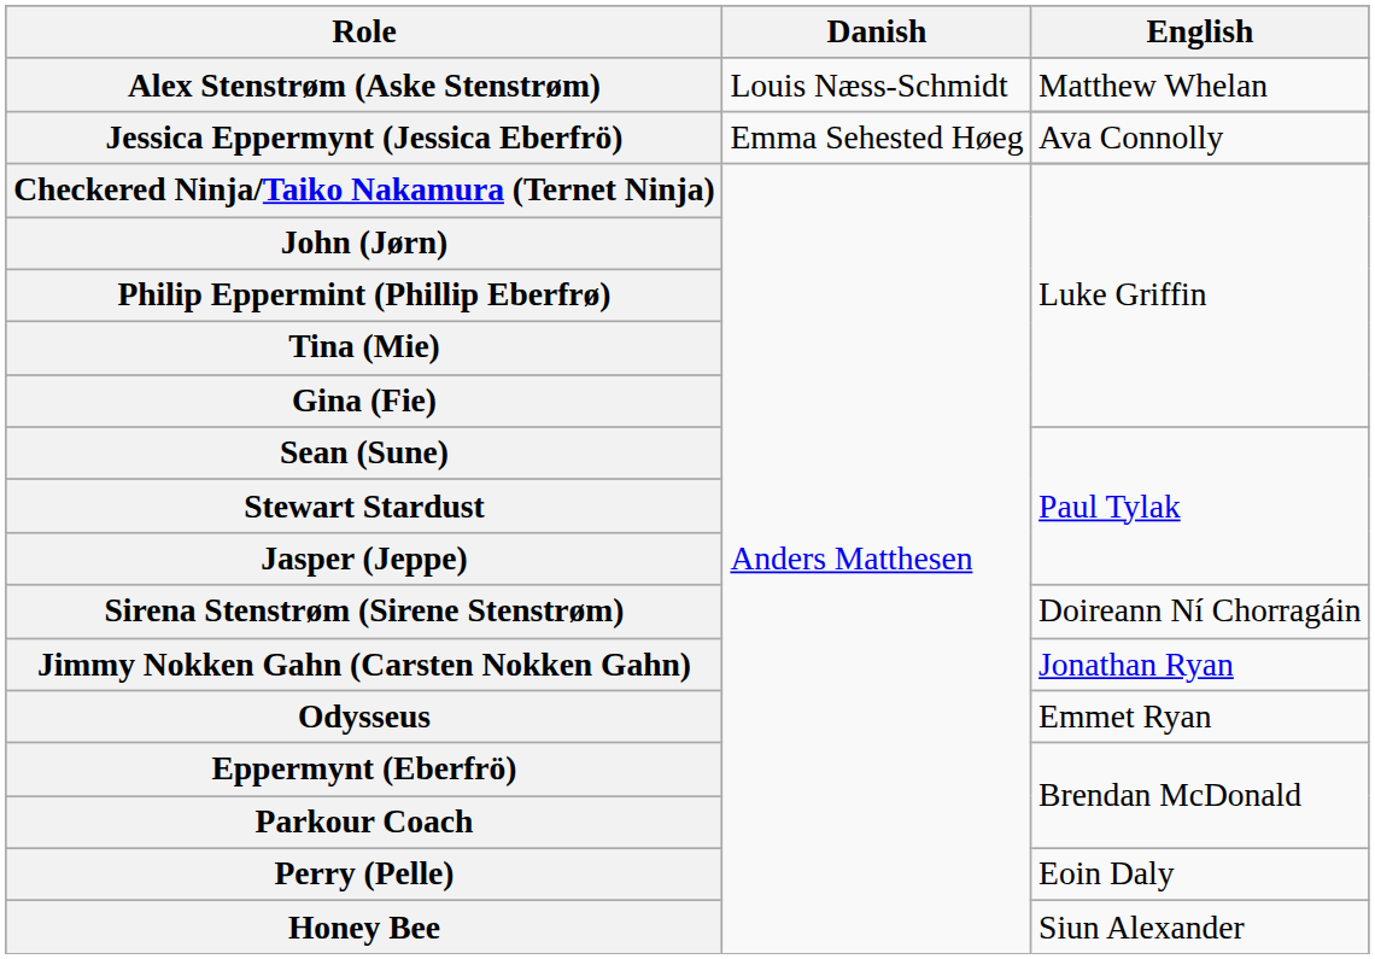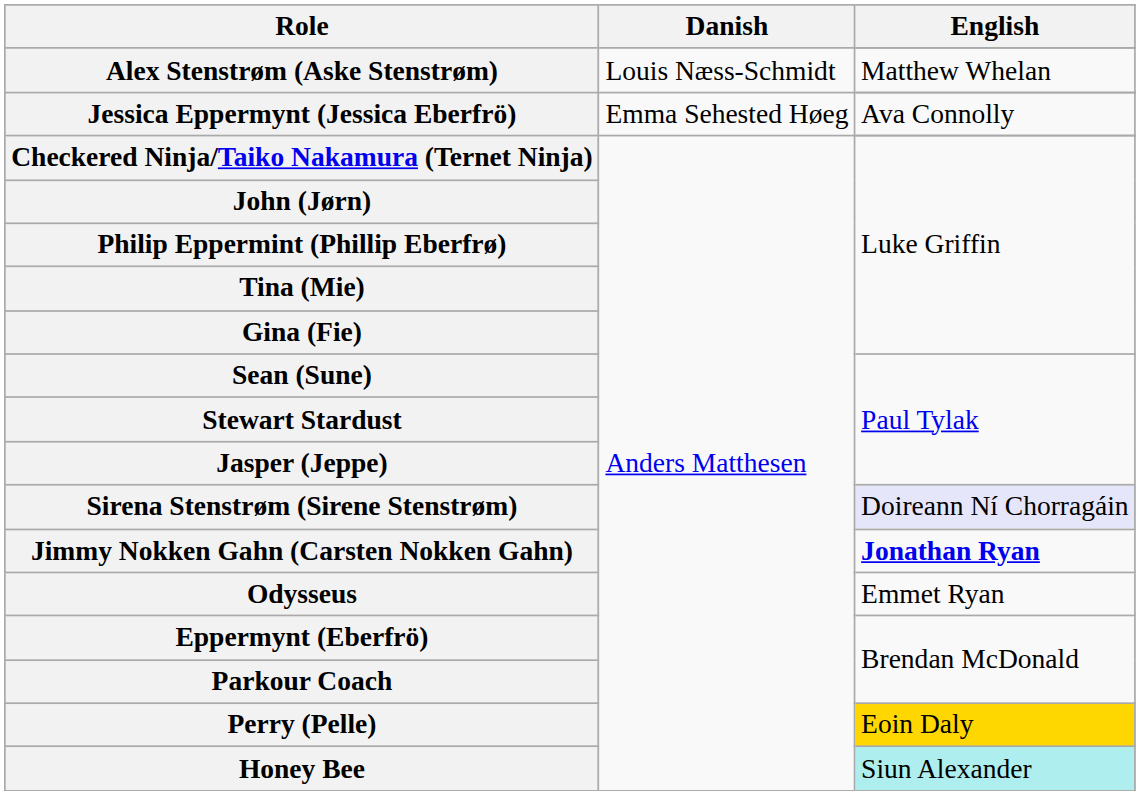 <table class="wikitable mw-collapsible">
 <tr>
 <th>Role</th>
 <th>Danish</th>
 <th>English</th>
 </tr>
 <tr>
 <th rowspan="2">Alex Stenstrøm (Aske Stenstrøm)</th>
 <td rowspan="2">Louis Næss-Schmidt</td>
 </tr>
 <tr>
 <td>Matthew Whelan</td>
 </tr>
 <tr>
 <th rowspan="2">Jessica Eppermynt (Jessica Eberfrö)</th>
 <td rowspan="2">Emma Sehested Høeg</td>
 </tr>
 <tr>
 <td>Ava Connolly</td>
 </tr>
 <tr>
 <th rowspan="2">Checkered Ninja/<a href='#'>Taiko Nakamura</a>  (Ternet Ninja)</th>
 <td rowspan="16"><a href='#'>Anders Matthesen</a></td>
 </tr>
 <tr>
 <td rowspan="5">Luke Griffin</td>
 </tr>
 <tr>
 <th>John (Jørn)</th>
 </tr>
 <tr>
 <th>Philip Eppermint (Phillip Eberfrø)</th>
 </tr>
 <tr>
 <th>Tina (Mie)</th>
 </tr>
 <tr>
 <th>Gina (Fie)</th>
 </tr>
 <tr>
 <th>Sean (Sune)</th>
 <td rowspan="3"><a href='#'>Paul Tylak</a></td>
 </tr>
 <tr>
 <th>Stewart Stardust</th>
 </tr>
 <tr>
 <th>Jasper (Jeppe)</th>
 </tr>
 <tr>
 <th>Sirena Stenstrøm (Sirene Stenstrøm)</th>
-<td>Doireann Ní Chorragáin</td>
+<td style="background: lavender;">Doireann Ní Chorragáin</td>
 </tr>
 <tr>
 <th>Jimmy Nokken Gahn (Carsten Nokken Gahn)</th>
-<td><a href='#'>Jonathan Ryan</a></td>
+<td><strong><a href='#'>Jonathan Ryan</a></strong></td>
 </tr>
 <tr>
 <th>Odysseus</th>
 <td>Emmet Ryan</td>
 </tr>
 <tr>
 <th>Eppermynt (Eberfrö)</th>
 <td rowspan="2">Brendan McDonald</td>
 </tr>
 <tr>
 <th>Parkour Coach</th>
 </tr>
 <tr>
 <th>Perry (Pelle)</th>
-<td>Eoin Daly</td>
+<td style="background: gold;">Eoin Daly</td>
 </tr>
 <tr>
 <th>Honey Bee</th>
-<td>Siun Alexander</td>
+<td style="background: paleturquoise;">Siun Alexander</td>
 </tr>
 </table>
